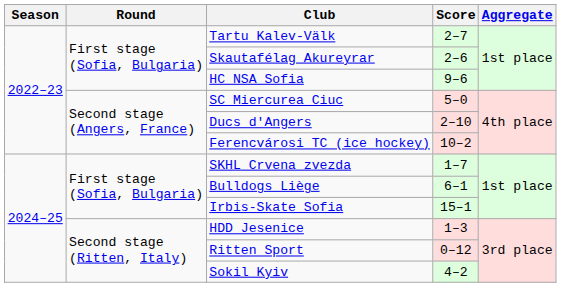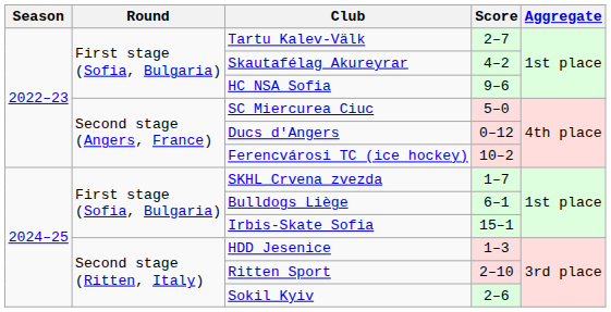 <table class="wikitable">
 <tr>
 <th>Season</th>
 <th>Round</th>
 <th>Club</th>
 <th>Score</th>
 <th><a href='#'>Aggregate</a></th>
 </tr>
 <tr>
 <td rowspan="6" style="text-align:center"><a href='#'>2022–23</a></td>
 <td rowspan="3">First stage<br>(<a href='#'>Sofia</a>, <a href='#'>Bulgaria</a>)</td>
 <td> <a href='#'>Tartu Kalev-Välk</a></td>
 <td style="text-align:center; background:#dfd;">2–7</td>
 <td rowspan="3" style="text-align:center; background:#dfd;">1st place</td>
 </tr>
 <tr>
 <td> <a href='#'>Skautafélag Akureyrar</a></td>
-<td style="text-align:center; background:#dfd;">2–6</td>
+<td style="text-align:center; background:#dfd;">4–2</td>
 </tr>
 <tr>
 <td> <a href='#'>HC NSA Sofia</a></td>
 <td style="text-align:center; background:#dfd;">9–6</td>
 </tr>
 <tr>
 <td rowspan="3">Second stage<br>(<a href='#'>Angers</a>, <a href='#'>France</a>)</td>
 <td> <a href='#'>SC Miercurea Ciuc</a></td>
 <td style="text-align:center; background:#ffdddd;">5–0</td>
 <td rowspan="3" style="text-align:center; background:#ffdddd;">4th place</td>
 </tr>
 <tr>
 <td> <a href='#'>Ducs d'Angers</a></td>
-<td style="text-align:center; background:#ffdddd;">2–10</td>
+<td style="text-align:center; background:#ffdddd;">0–12</td>
 </tr>
 <tr>
 <td> <a href='#'>Ferencvárosi TC (ice hockey)</a></td>
 <td style="text-align:center; background:#ffdddd;">10–2</td>
 </tr>
 <tr>
 <td rowspan="6" style="text-align:center"><a href='#'>2024–25</a></td>
 <td rowspan="3">First stage<br>(<a href='#'>Sofia</a>, <a href='#'>Bulgaria</a>)</td>
 <td> <a href='#'>SKHL Crvena zvezda</a></td>
 <td style="text-align:center; background:#dfd;">1–7</td>
 <td rowspan="3" style="text-align:center; background:#dfd;">1st place</td>
 </tr>
 <tr>
 <td> <a href='#'>Bulldogs Liège</a></td>
 <td style="text-align:center; background:#dfd;">6–1</td>
 </tr>
 <tr>
 <td> <a href='#'>Irbis-Skate Sofia</a></td>
 <td style="text-align:center; background:#dfd;">15–1</td>
 </tr>
 <tr>
 <td rowspan="3">Second stage<br>(<a href='#'>Ritten</a>, <a href='#'>Italy</a>)</td>
 <td> <a href='#'>HDD Jesenice</a></td>
 <td style="text-align:center; background:#ffdddd;">1–3</td>
 <td rowspan="3" style="text-align:center; background:#ffdddd;">3rd place</td>
 </tr>
 <tr>
 <td> <a href='#'>Ritten Sport</a></td>
-<td style="text-align:center; background:#ffdddd;">0–12</td>
+<td style="text-align:center; background:#ffdddd;">2–10</td>
 </tr>
 <tr>
 <td> <a href='#'>Sokil Kyiv</a></td>
-<td style="text-align:center; background:#dfd;">4–2</td>
+<td style="text-align:center; background:#dfd;">2–6</td>
 </tr>
 </table>
